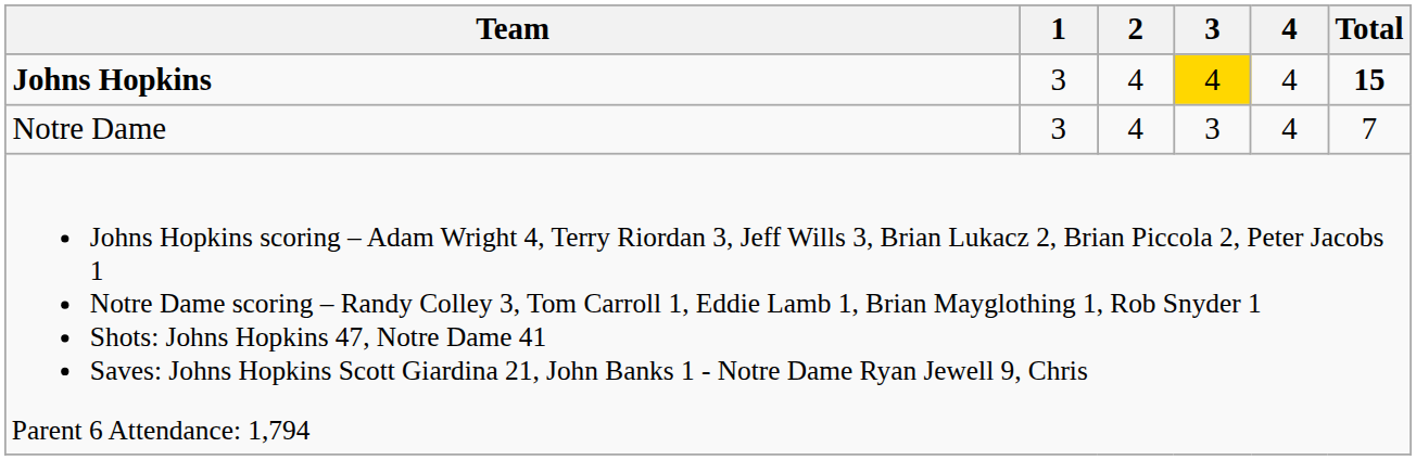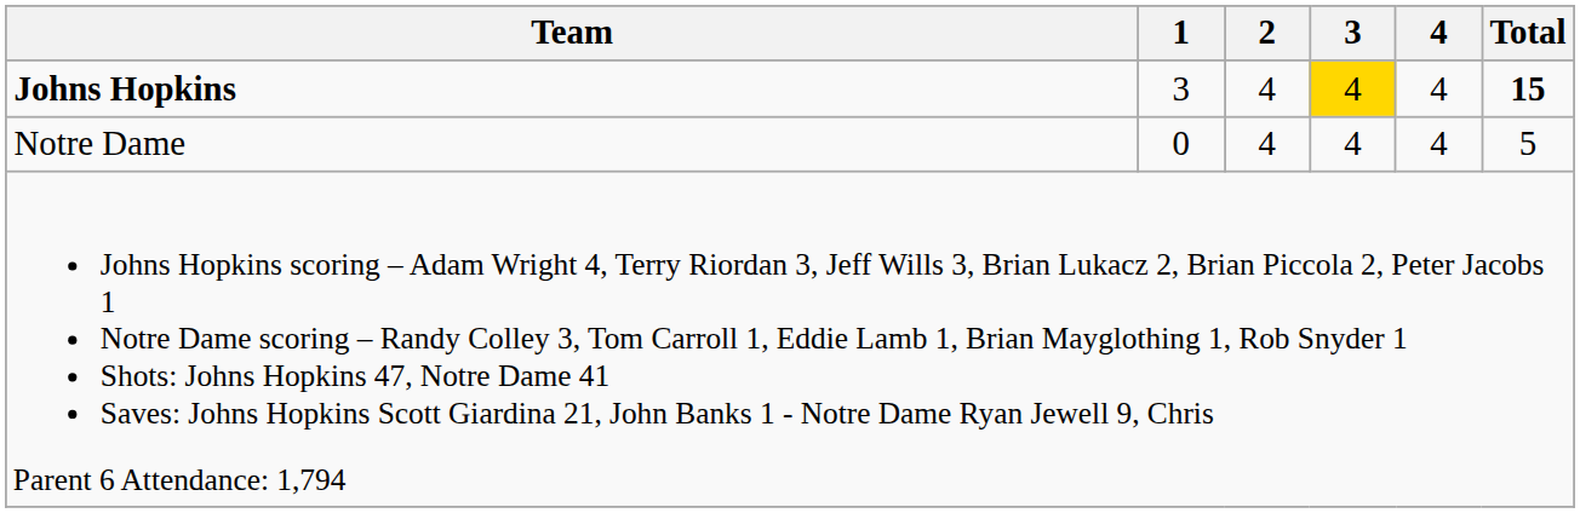 <table class="wikitable" style="text-align:center; max-width:45em">
 <tr>
 <th>Team</th>
 <th style="width:2em">1</th>
 <th style="width:2em">2</th>
 <th style="width:2em">3</th>
 <th style="width:2em">4</th>
 <th style="width:2em">Total</th>
 </tr>
 <tr>
 <td style="text-align:left"><strong>Johns Hopkins</strong></td>
 <td>3</td>
 <td>4</td>
 <td style="background: gold;">4</td>
 <td>4</td>
 <td><strong>15</strong></td>
 </tr>
 <tr>
 <td style="text-align:left">Notre Dame</td>
-<td>3</td>
+<td>0</td>
 <td>4</td>
-<td>3</td>
 <td>4</td>
-<td>7</td>
+<td>4</td>
+<td>5</td>
 </tr>
 <tr>
 <td colspan=6 style="text-align:left; font-size:88%;"><br><ul><li>Johns Hopkins scoring – Adam Wright 4, Terry Riordan 3, Jeff Wills 3, Brian Lukacz 2, Brian Piccola 2, Peter Jacobs 1</li><li>Notre Dame scoring – Randy Colley 3, Tom Carroll 1, Eddie Lamb 1, Brian Mayglothing 1, Rob Snyder 1</li><li>Shots: Johns Hopkins 47, Notre Dame 41</li><li>Saves: Johns Hopkins Scott Giardina 21, John Banks 1 - Notre Dame Ryan Jewell 9, Chris</li></ul>Parent 6 Attendance: 1,794 </td>
 </tr>
 </table>
